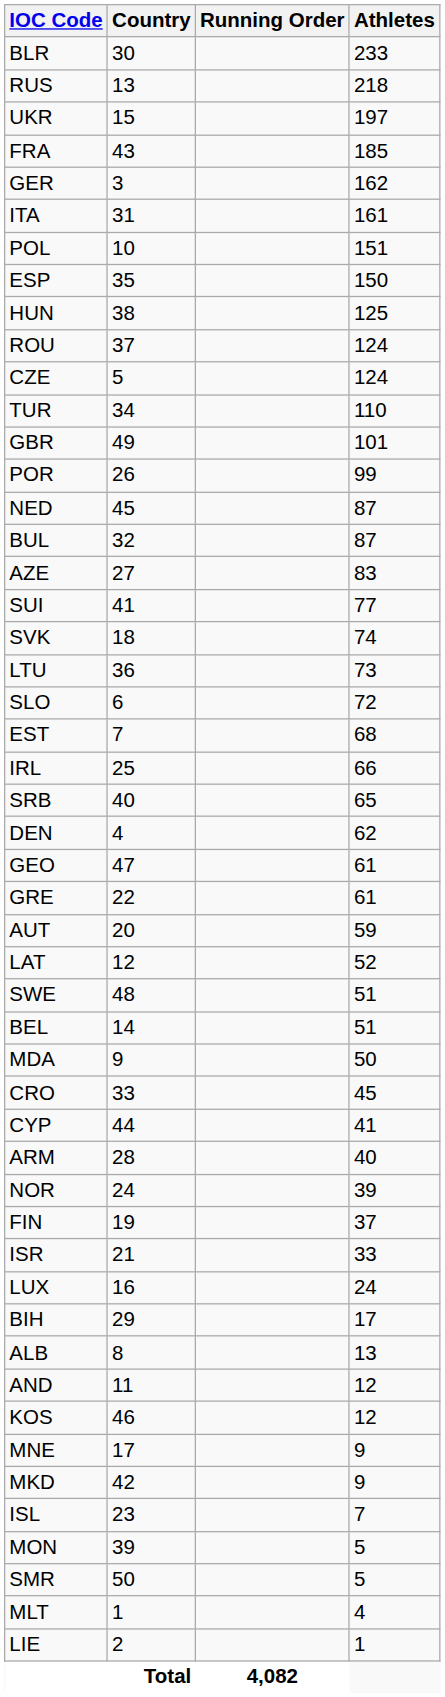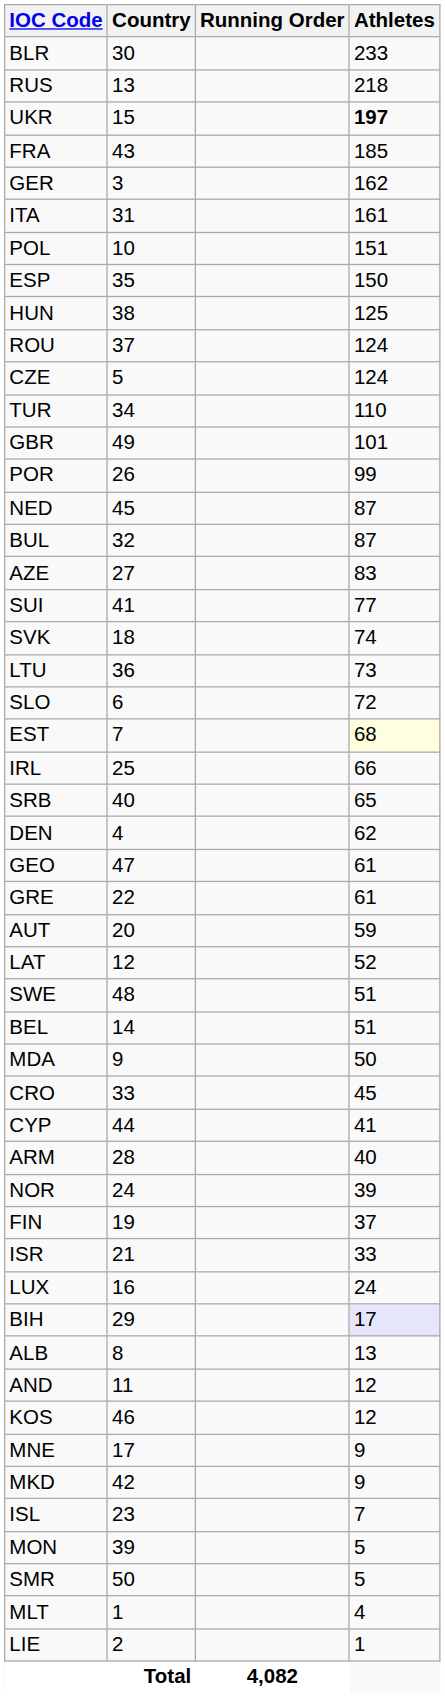 <table class="wikitable collapsible collapsed sortable" style="border:0;">
 <tr>
 <th><a href='#'>IOC Code</a></th>
 <th>Country</th>
 <th>Running Order</th>
 <th>Athletes</th>
 </tr>
 <tr>
 <td>BLR</td>
 <td>30</td>
 <td></td>
 <td>233</td>
 </tr>
 <tr>
 <td>RUS</td>
 <td>13</td>
 <td></td>
 <td>218</td>
 </tr>
 <tr>
 <td>UKR</td>
 <td>15</td>
 <td></td>
-<td>197</td>
+<td><strong>197</strong></td>
 </tr>
 <tr>
 <td>FRA</td>
 <td>43</td>
 <td></td>
 <td>185</td>
 </tr>
 <tr>
 <td>GER</td>
 <td>3</td>
 <td></td>
 <td>162</td>
 </tr>
 <tr>
 <td>ITA</td>
 <td>31</td>
 <td></td>
 <td>161</td>
 </tr>
 <tr>
 <td>POL</td>
 <td>10</td>
 <td></td>
 <td>151</td>
 </tr>
 <tr>
 <td>ESP</td>
 <td>35</td>
 <td></td>
 <td>150</td>
 </tr>
 <tr>
 <td>HUN</td>
 <td>38</td>
 <td></td>
 <td>125</td>
 </tr>
 <tr>
 <td>ROU</td>
 <td>37</td>
 <td></td>
 <td>124</td>
 </tr>
 <tr>
 <td>CZE</td>
 <td>5</td>
 <td></td>
 <td>124</td>
 </tr>
 <tr>
 <td>TUR</td>
 <td>34</td>
 <td></td>
 <td>110</td>
 </tr>
 <tr>
 <td>GBR</td>
 <td>49</td>
 <td></td>
 <td>101</td>
 </tr>
 <tr>
 <td>POR</td>
 <td>26</td>
 <td></td>
 <td>99</td>
 </tr>
 <tr>
 <td>NED</td>
 <td>45</td>
 <td></td>
 <td>87</td>
 </tr>
 <tr>
 <td>BUL</td>
 <td>32</td>
 <td></td>
 <td>87</td>
 </tr>
 <tr>
 <td>AZE</td>
 <td>27</td>
 <td></td>
 <td>83</td>
 </tr>
 <tr>
 <td>SUI</td>
 <td>41</td>
 <td></td>
 <td>77</td>
 </tr>
 <tr>
 <td>SVK</td>
 <td>18</td>
 <td></td>
 <td>74</td>
 </tr>
 <tr>
 <td>LTU</td>
 <td>36</td>
 <td></td>
 <td>73</td>
 </tr>
 <tr>
 <td>SLO</td>
 <td>6</td>
 <td></td>
 <td>72</td>
 </tr>
 <tr>
 <td>EST</td>
 <td>7</td>
 <td></td>
-<td>68</td>
+<td style="background: lightyellow;">68</td>
 </tr>
 <tr>
 <td>IRL</td>
 <td>25</td>
 <td></td>
 <td>66</td>
 </tr>
 <tr>
 <td>SRB</td>
 <td>40</td>
 <td></td>
 <td>65</td>
 </tr>
 <tr>
 <td>DEN</td>
 <td>4</td>
 <td></td>
 <td>62</td>
 </tr>
 <tr>
 <td>GEO</td>
 <td>47</td>
 <td></td>
 <td>61</td>
 </tr>
 <tr>
 <td>GRE</td>
 <td>22</td>
 <td></td>
 <td>61</td>
 </tr>
 <tr>
 <td>AUT</td>
 <td>20</td>
 <td></td>
 <td>59</td>
 </tr>
 <tr>
 <td>LAT</td>
 <td>12</td>
 <td></td>
 <td>52</td>
 </tr>
 <tr>
 <td>SWE</td>
 <td>48</td>
 <td></td>
 <td>51</td>
 </tr>
 <tr>
 <td>BEL</td>
 <td>14</td>
 <td></td>
 <td>51</td>
 </tr>
 <tr>
 <td>MDA</td>
 <td>9</td>
 <td></td>
 <td>50</td>
 </tr>
 <tr>
 <td>CRO</td>
 <td>33</td>
 <td></td>
 <td>45</td>
 </tr>
 <tr>
 <td>CYP</td>
 <td>44</td>
 <td></td>
 <td>41</td>
 </tr>
 <tr>
 <td>ARM</td>
 <td>28</td>
 <td></td>
 <td>40</td>
 </tr>
 <tr>
 <td>NOR</td>
 <td>24</td>
 <td></td>
 <td>39</td>
 </tr>
 <tr>
 <td>FIN</td>
 <td>19</td>
 <td></td>
 <td>37</td>
 </tr>
 <tr>
 <td>ISR</td>
 <td>21</td>
 <td></td>
 <td>33</td>
 </tr>
 <tr>
 <td>LUX</td>
 <td>16</td>
 <td></td>
 <td>24</td>
 </tr>
 <tr>
 <td>BIH</td>
 <td>29</td>
 <td></td>
-<td>17</td>
+<td style="background: lavender;">17</td>
 </tr>
 <tr>
 <td>ALB</td>
 <td>8</td>
 <td></td>
 <td>13</td>
 </tr>
 <tr>
 <td>AND</td>
 <td>11</td>
 <td></td>
 <td>12</td>
 </tr>
 <tr>
 <td>KOS</td>
 <td>46</td>
 <td></td>
 <td>12</td>
 </tr>
 <tr>
 <td>MNE</td>
 <td>17</td>
 <td></td>
 <td>9</td>
 </tr>
 <tr>
 <td>MKD</td>
 <td>42</td>
 <td></td>
 <td>9</td>
 </tr>
 <tr>
 <td>ISL</td>
 <td>23</td>
 <td></td>
 <td>7</td>
 </tr>
 <tr>
 <td>MON</td>
 <td>39</td>
 <td></td>
 <td>5</td>
 </tr>
 <tr>
 <td>SMR</td>
 <td>50</td>
 <td></td>
 <td>5</td>
 </tr>
 <tr>
 <td>MLT</td>
 <td>1</td>
 <td></td>
 <td>4</td>
 </tr>
 <tr>
 <td>LIE</td>
 <td>2</td>
 <td></td>
 <td>1</td>
 </tr>
 <tr class="sortbottom">
 <td colspan=2; style="text-align:right; border:0px; background:#fff;"><strong>Total</strong></td>
 <td style="text-align:center; border:0px; background:#fff;"><strong>4,082</strong></td>
 </tr>
 <tr>
 </tr>
 </table>
